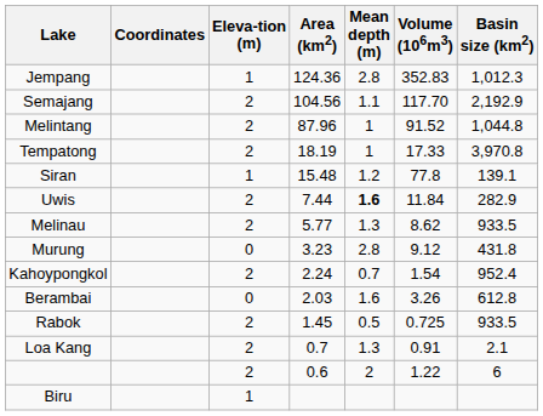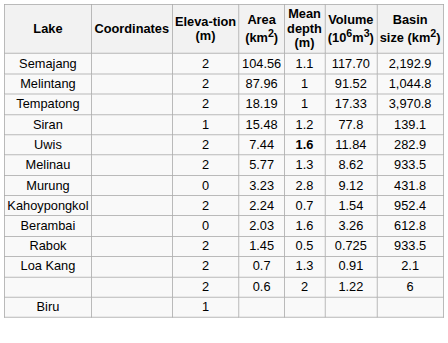 <table class="wikitable" style="text-align:center;">
 <tr>
 <th>Lake</th>
 <th>Coordinates</th>
 <th>Eleva-tion<br>(m)</th>
 <th>Area<br>(km<sup>2</sup>)</th>
 <th>Mean<br>depth<br>(m)</th>
 <th>Volume<br>(10<sup>6</sup>m<sup>3</sup>)</th>
 <th>Basin<br>size (km<sup>2</sup>)</th>
-</tr>
-<tr>
-<td>Jempang</td>
-<td></td>
-<td>1</td>
-<td>124.36</td>
-<td>2.8</td>
-<td>352.83</td>
-<td>1,012.3</td>
 </tr>
 <tr>
 <td>Semajang</td>
 <td></td>
 <td>2</td>
 <td>104.56</td>
 <td>1.1</td>
 <td>117.70</td>
 <td>2,192.9</td>
 </tr>
 <tr>
 <td>Melintang</td>
 <td></td>
 <td>2</td>
 <td>87.96</td>
 <td>1</td>
 <td>91.52</td>
 <td>1,044.8</td>
 </tr>
 <tr>
 <td>Tempatong</td>
 <td></td>
 <td>2</td>
 <td>18.19</td>
 <td>1</td>
 <td>17.33</td>
 <td>3,970.8</td>
 </tr>
 <tr>
 <td>Siran</td>
 <td></td>
 <td>1</td>
 <td>15.48</td>
 <td>1.2</td>
 <td>77.8</td>
 <td>139.1</td>
 </tr>
 <tr>
 <td>Uwis</td>
 <td></td>
 <td>2</td>
 <td>7.44</td>
 <td><strong>1.6</strong></td>
 <td>11.84</td>
 <td>282.9</td>
 </tr>
 <tr>
 <td>Melinau</td>
 <td></td>
 <td>2</td>
 <td>5.77</td>
 <td>1.3</td>
 <td>8.62</td>
 <td>933.5</td>
 </tr>
 <tr>
 <td>Murung</td>
 <td></td>
 <td>0</td>
 <td>3.23</td>
 <td>2.8</td>
 <td>9.12</td>
 <td>431.8</td>
 </tr>
 <tr>
 <td>Kahoypongkol</td>
 <td></td>
 <td>2</td>
 <td>2.24</td>
 <td>0.7</td>
 <td>1.54</td>
 <td>952.4</td>
 </tr>
 <tr>
 <td>Berambai</td>
 <td></td>
 <td>0</td>
 <td>2.03</td>
 <td>1.6</td>
 <td>3.26</td>
 <td>612.8</td>
 </tr>
 <tr>
 <td>Rabok</td>
 <td></td>
 <td>2</td>
 <td>1.45</td>
 <td>0.5</td>
 <td>0.725</td>
 <td>933.5</td>
 </tr>
 <tr>
 <td>Loa Kang</td>
 <td></td>
 <td>2</td>
 <td>0.7</td>
 <td>1.3</td>
 <td>0.91</td>
 <td>2.1</td>
 </tr>
 <tr>
 <td></td>
 <td></td>
 <td>2</td>
 <td>0.6</td>
 <td>2</td>
 <td>1.22</td>
 <td>6</td>
 </tr>
 <tr>
 <td>Biru</td>
 <td></td>
 <td>1</td>
 <td></td>
 <td></td>
 <td></td>
 <td></td>
 </tr>
 </table>
